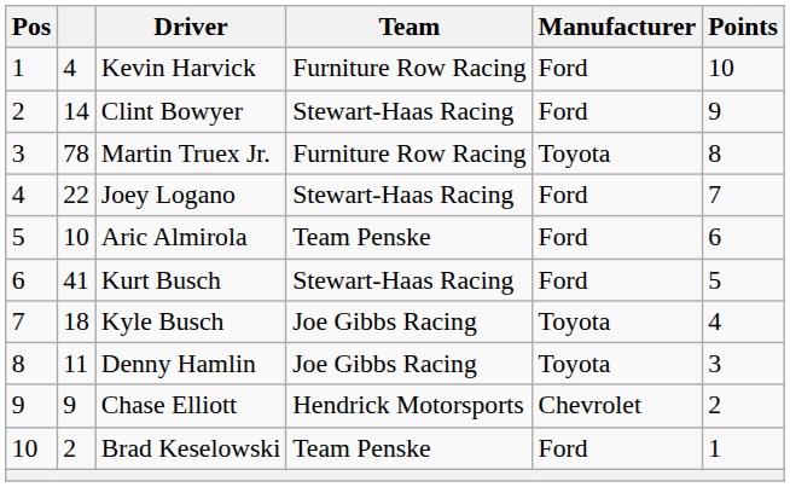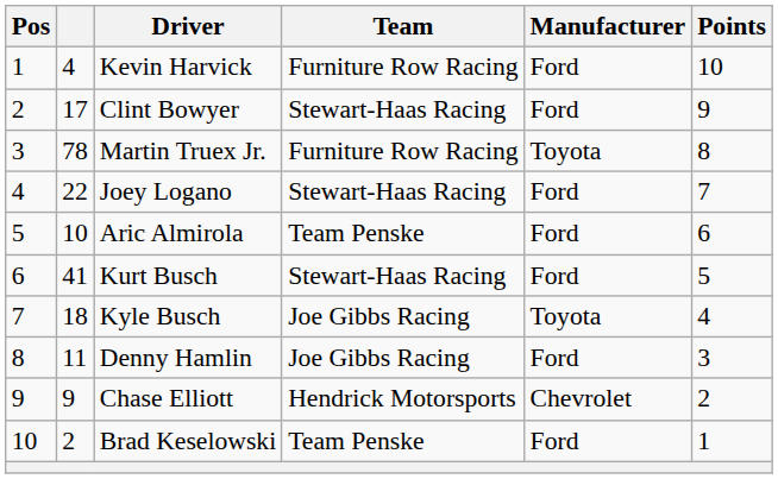 <table class="wikitable" style="font-size:98%">
 <tr>
 <th>Pos</th>
 <th></th>
 <th>Driver</th>
 <th>Team</th>
 <th>Manufacturer</th>
 <th>Points</th>
 </tr>
 <tr>
 <td>1</td>
 <td>4</td>
 <td>Kevin Harvick</td>
 <td>Furniture Row Racing</td>
 <td>Ford</td>
 <td>10</td>
 </tr>
 <tr>
 <td>2</td>
-<td>14</td>
+<td>17</td>
 <td>Clint Bowyer</td>
 <td>Stewart-Haas Racing</td>
 <td>Ford</td>
 <td>9</td>
 </tr>
 <tr>
 <td>3</td>
 <td>78</td>
 <td>Martin Truex Jr.</td>
 <td>Furniture Row Racing</td>
 <td>Toyota</td>
 <td>8</td>
 </tr>
 <tr>
 <td>4</td>
 <td>22</td>
 <td>Joey Logano</td>
 <td>Stewart-Haas Racing</td>
 <td>Ford</td>
 <td>7</td>
 </tr>
 <tr>
 <td>5</td>
 <td>10</td>
 <td>Aric Almirola</td>
 <td>Team Penske</td>
 <td>Ford</td>
 <td>6</td>
 </tr>
 <tr>
 <td>6</td>
 <td>41</td>
 <td>Kurt Busch</td>
 <td>Stewart-Haas Racing</td>
 <td>Ford</td>
 <td>5</td>
 </tr>
 <tr>
 <td>7</td>
 <td>18</td>
 <td>Kyle Busch</td>
 <td>Joe Gibbs Racing</td>
 <td>Toyota</td>
 <td>4</td>
 </tr>
 <tr>
 <td>8</td>
 <td>11</td>
 <td>Denny Hamlin</td>
 <td>Joe Gibbs Racing</td>
-<td>Toyota</td>
+<td>Ford</td>
 <td>3</td>
 </tr>
 <tr>
 <td>9</td>
 <td>9</td>
 <td>Chase Elliott</td>
 <td>Hendrick Motorsports</td>
 <td>Chevrolet</td>
 <td>2</td>
 </tr>
 <tr>
 <td>10</td>
 <td>2</td>
 <td>Brad Keselowski</td>
 <td>Team Penske</td>
 <td>Ford</td>
 <td>1</td>
 </tr>
 <tr>
 <th colspan="6"></th>
 </tr>
 </table>
